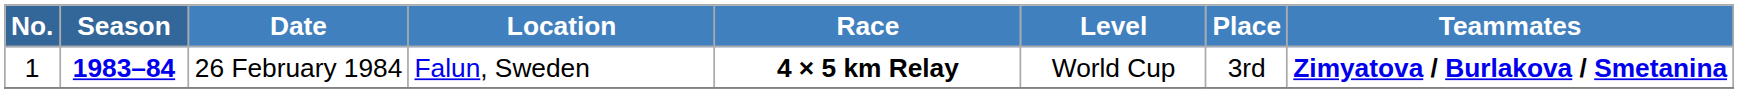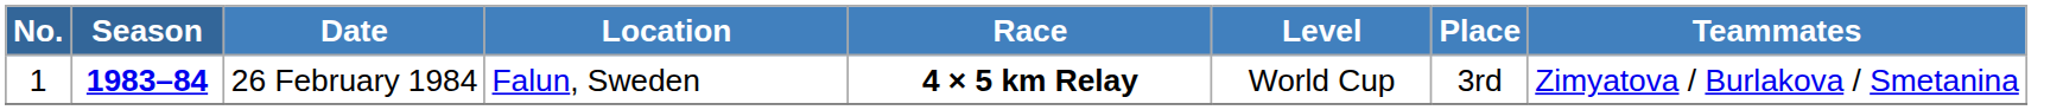 <table class="wikitable sortable" style="font-size:95%; text-align:center; border:grey solid 1px; border-collapse:collapse; background:#ffffff;">
 <tr style="background:#efefef;">
 <th style="background-color:#369; color:white;">No.</th>
 <th style="background-color:#369; color:white;">Season</th>
 <th style="background-color:#4180be; color:white; width:120px;">Date</th>
 <th style="background-color:#4180be; color:white; width:170px;">Location</th>
 <th style="background-color:#4180be; color:white; width:170px;">Race</th>
 <th style="background-color:#4180be; color:white; width:100px;">Level</th>
 <th style="background-color:#4180be; color:white;">Place</th>
 <th style="background-color:#4180be; color:white;">Teammates</th>
 </tr>
 <tr>
 <td align=center>1</td>
 <td rowspan=1 align=center><strong> <a href='#'>1983–84</a> </strong></td>
 <td align=right>26 February 1984</td>
 <td align=left> <a href='#'>Falun</a>, Sweden</td>
 <td><strong>4 × 5 km Relay</strong></td>
 <td>World Cup</td>
 <td>3rd</td>
-<td><strong><a href='#'>Zimyatova</a> / <a href='#'>Burlakova</a> / <a href='#'>Smetanina</a></strong></td>
+<td><a href='#'>Zimyatova</a> / <a href='#'>Burlakova</a> / <a href='#'>Smetanina</a></td>
 </tr>
 <tr>
 </tr>
 </table>
